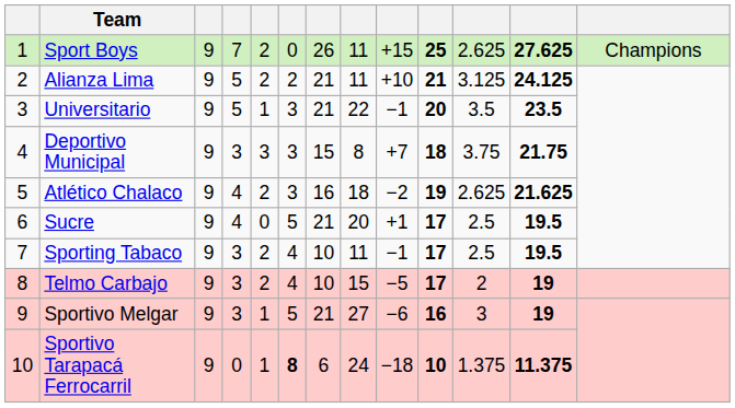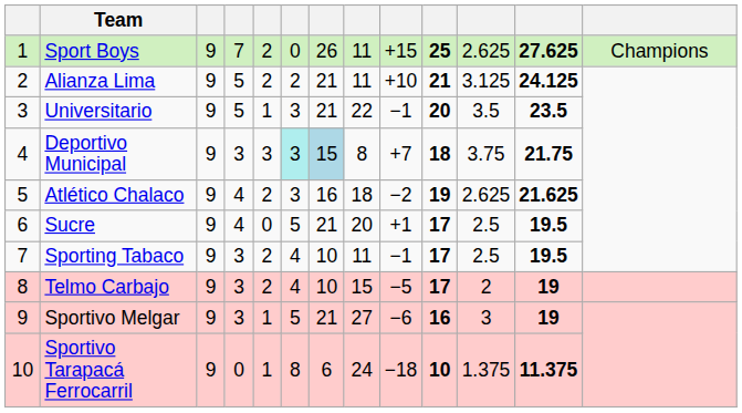 <table class="wikitable" style="text-align:center;">
 <tr>
 <th width="30"></th>
 <th width="190">Team</th>
 <th width="30"></th>
 <th width="30"></th>
 <th width="30"></th>
 <th width="30"></th>
 <th width="30"></th>
 <th width="30"></th>
 <th width="30"></th>
 <th width="30"></th>
 <th width="30"></th>
 <th width="30"></th>
 <th width="200"></th>
 </tr>
 <tr bgcolor=#D0F0C0>
 <td>1</td>
 <td align=left><a href='#'>Sport Boys</a></td>
 <td>9</td>
 <td>7</td>
 <td>2</td>
 <td>0</td>
 <td>26</td>
 <td>11</td>
 <td>+15</td>
 <td><strong>25</strong></td>
 <td>2.625</td>
 <td><strong>27.625</strong></td>
 <td>Champions</td>
 </tr>
 <tr>
 <td>2</td>
 <td align=left><a href='#'>Alianza Lima</a></td>
 <td>9</td>
 <td>5</td>
 <td>2</td>
 <td>2</td>
 <td>21</td>
 <td>11</td>
 <td>+10</td>
 <td><strong>21</strong></td>
 <td>3.125</td>
 <td><strong>24.125</strong></td>
 </tr>
 <tr>
 <td>3</td>
 <td align=left><a href='#'>Universitario</a></td>
 <td>9</td>
 <td>5</td>
 <td>1</td>
 <td>3</td>
 <td>21</td>
 <td>22</td>
 <td>−1</td>
 <td><strong>20</strong></td>
 <td>3.5</td>
 <td><strong>23.5</strong></td>
 </tr>
 <tr>
 <td>4</td>
 <td align=left><a href='#'>Deportivo Municipal</a></td>
 <td>9</td>
 <td>3</td>
 <td>3</td>
-<td>3</td>
-<td>15</td>
+<td style="background: paleturquoise;">3</td>
+<td style="background: lightblue;">15</td>
 <td>8</td>
 <td>+7</td>
 <td><strong>18</strong></td>
 <td>3.75</td>
 <td><strong>21.75</strong></td>
 </tr>
 <tr>
 <td>5</td>
 <td align=left><a href='#'>Atlético Chalaco</a></td>
 <td>9</td>
 <td>4</td>
 <td>2</td>
 <td>3</td>
 <td>16</td>
 <td>18</td>
 <td>−2</td>
 <td><strong>19</strong></td>
 <td>2.625</td>
 <td><strong>21.625</strong></td>
 </tr>
 <tr>
 <td>6</td>
 <td align=left><a href='#'>Sucre</a></td>
 <td>9</td>
 <td>4</td>
 <td>0</td>
 <td>5</td>
 <td>21</td>
 <td>20</td>
 <td>+1</td>
 <td><strong>17</strong></td>
 <td>2.5</td>
 <td><strong>19.5</strong></td>
 </tr>
 <tr>
 <td>7</td>
 <td align=left><a href='#'>Sporting Tabaco</a></td>
 <td>9</td>
 <td>3</td>
 <td>2</td>
 <td>4</td>
 <td>10</td>
 <td>11</td>
 <td>−1</td>
 <td><strong>17</strong></td>
 <td>2.5</td>
 <td><strong>19.5</strong></td>
 </tr>
 <tr bgcolor=#ffcccc>
 <td>8</td>
 <td align=left><a href='#'>Telmo Carbajo</a></td>
 <td>9</td>
 <td>3</td>
 <td>2</td>
 <td>4</td>
 <td>10</td>
 <td>15</td>
 <td>−5</td>
 <td><strong>17</strong></td>
 <td>2</td>
 <td><strong>19</strong></td>
 <td></td>
 </tr>
 <tr bgcolor=#ffcccc>
 <td>9</td>
 <td align=left>Sportivo Melgar</td>
 <td>9</td>
 <td>3</td>
 <td>1</td>
 <td>5</td>
 <td>21</td>
 <td>27</td>
 <td>−6</td>
 <td><strong>16</strong></td>
 <td>3</td>
 <td><strong>19</strong></td>
 <td rowspan=2></td>
 </tr>
 <tr bgcolor=#ffcccc>
 <td>10</td>
 <td align=left><a href='#'>Sportivo Tarapacá Ferrocarril</a></td>
 <td>9</td>
 <td>0</td>
 <td>1</td>
-<td><strong>8</strong></td>
+<td>8</td>
 <td>6</td>
 <td>24</td>
 <td>−18</td>
 <td><strong>10</strong></td>
 <td>1.375</td>
 <td><strong>11.375</strong></td>
 </tr>
 </table>
